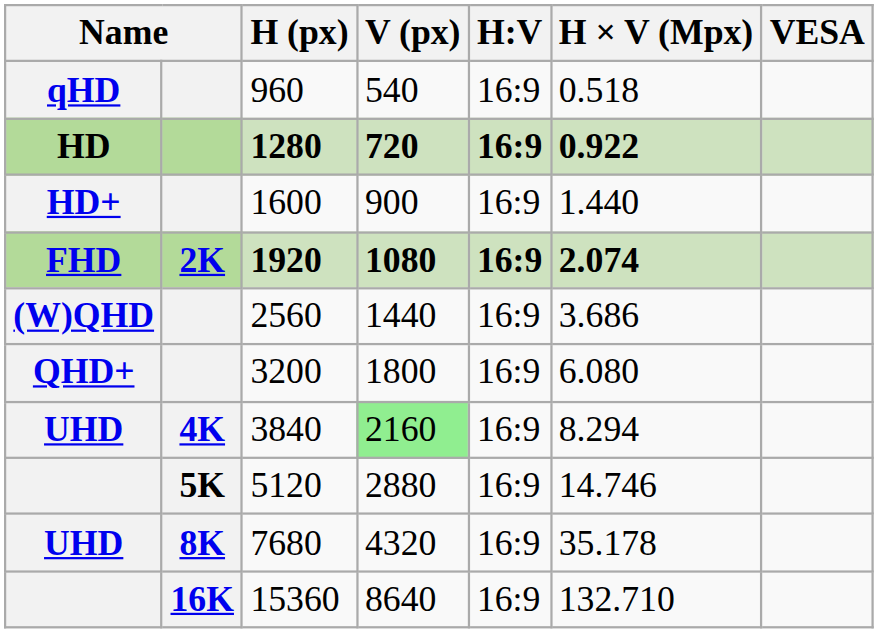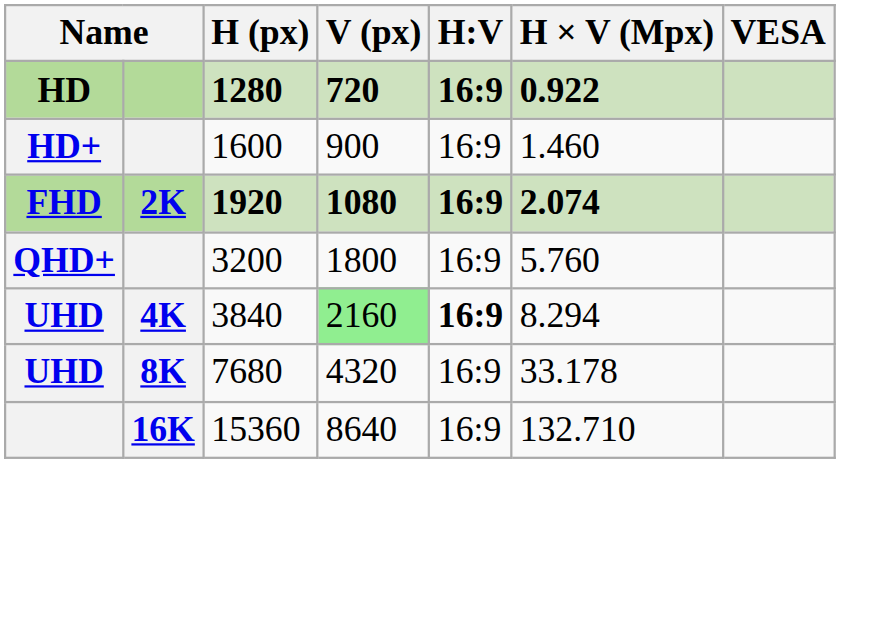 <table class="wikitable floatright sortable">
 <tr>
 <th colspan=2>Name</th>
 <th>H (px)</th>
 <th>V (px)</th>
 <th>H:V</th>
 <th>H × V (Mpx)</th>
 <th>VESA</th>
-</tr>
-<tr>
-<th><a href='#'>qHD</a></th>
-<th></th>
-<td>960</td>
-<td>540</td>
-<td>16:9</td>
-<td>0.518</td>
-<td></td>
 </tr>
 <tr style="background-color:#CEE2BF; font-weight: bolder;">
 <th style="background-color:#B3DA99">HD</th>
 <th style="background-color:#B3DA99"></th>
 <td>1280</td>
 <td>720</td>
 <td>16:9</td>
 <td>0.922</td>
 <td></td>
 </tr>
 <tr>
 <th><a href='#'>HD+</a></th>
 <th></th>
 <td>1600</td>
 <td>900</td>
 <td>16:9</td>
-<td>1.440</td>
+<td>1.460</td>
 <td></td>
 </tr>
 <tr style="background-color:#CEE2BF; font-weight: bolder;">
 <th style="background-color:#B3DA99"><a href='#'>FHD</a></th>
 <th style="background-color:#B3DA99"><a href='#'>2K</a></th>
 <td>1920</td>
 <td>1080</td>
 <td>16:9</td>
 <td>2.074</td>
 <td></td>
 </tr>
 <tr>
-<th><a href='#'>(W)QHD</a></th>
-<th></th>
-<td>2560</td>
-<td>1440</td>
-<td>16:9</td>
-<td>3.686</td>
-<td></td>
-</tr>
-<tr>
 <th><a href='#'>QHD+</a></th>
 <th></th>
 <td>3200</td>
 <td>1800</td>
 <td>16:9</td>
-<td>6.080</td>
+<td>5.760</td>
 <td></td>
 </tr>
 <tr>
 <th><a href='#'> UHD</a></th>
 <th><a href='#'>4K</a></th>
 <td>3840</td>
 <td style="background: lightgreen;">2160</td>
-<td>16:9</td>
+<td><strong>16:9</strong></td>
 <td>8.294</td>
-<td></td>
-</tr>
-<tr>
-<th></th>
-<th>5K</th>
-<td>5120</td>
-<td>2880</td>
-<td>16:9</td>
-<td>14.746</td>
 <td></td>
 </tr>
 <tr>
 <th><a href='#'> UHD</a></th>
 <th><a href='#'>8K</a></th>
 <td>7680</td>
 <td>4320</td>
 <td>16:9</td>
-<td>35.178</td>
+<td>33.178</td>
 <td></td>
 </tr>
 <tr>
 <th></th>
 <th><a href='#'>16K</a></th>
 <td>15360</td>
 <td>8640</td>
 <td>16:9</td>
 <td>132.710</td>
 <td></td>
 </tr>
 </table>
